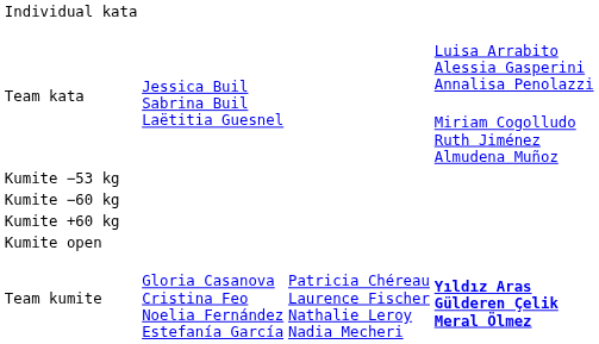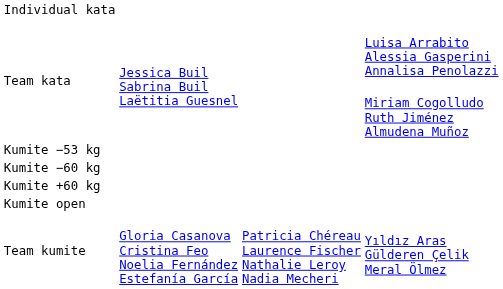 <table>
 <tr>
 <td rowspan=2>Individual kata</td>
 <td rowspan=2></td>
 <td rowspan=2></td>
 <td></td>
 </tr>
 <tr>
 <td></td>
 </tr>
 <tr>
 <td rowspan=2>Team kata</td>
 <td rowspan=2><br><a href='#'>Jessica Buil</a><br><a href='#'>Sabrina Buil</a><br><a href='#'>Laëtitia Guesnel</a></td>
 <td rowspan=2></td>
 <td><br><a href='#'>Luisa Arrabito</a><br><a href='#'>Alessia Gasperini</a><br><a href='#'>Annalisa Penolazzi</a></td>
 </tr>
 <tr>
 <td><br><a href='#'>Miriam Cogolludo</a><br><a href='#'>Ruth Jiménez</a><br><a href='#'>Almudena Muñoz</a></td>
 </tr>
 <tr>
 <td rowspan=2>Kumite −53 kg</td>
 <td rowspan=2></td>
 <td rowspan=2></td>
 <td></td>
 </tr>
 <tr>
 <td></td>
 </tr>
 <tr>
 <td rowspan=2>Kumite −60 kg</td>
 <td rowspan=2></td>
 <td rowspan=2></td>
 <td></td>
 </tr>
 <tr>
 <td></td>
 </tr>
 <tr>
 <td rowspan=2>Kumite +60 kg</td>
 <td rowspan=2></td>
 <td rowspan=2></td>
 <td></td>
 </tr>
 <tr>
 <td></td>
 </tr>
 <tr>
 <td rowspan=2>Kumite open</td>
 <td rowspan=2></td>
 <td rowspan=2></td>
 <td></td>
 </tr>
 <tr>
 <td></td>
 </tr>
 <tr>
 <td rowspan=2>Team kumite</td>
 <td rowspan=2><br><a href='#'>Gloria Casanova</a><br><a href='#'>Cristina Feo</a><br><a href='#'>Noelia Fernández</a><br><a href='#'>Estefanía García</a></td>
 <td rowspan=2><br><a href='#'>Patricia Chéreau</a><br><a href='#'>Laurence Fischer</a><br><a href='#'>Nathalie Leroy</a><br><a href='#'>Nadia Mecheri</a></td>
-<td><strong><br><a href='#'>Yıldız Aras</a><br><a href='#'>Gülderen Çelik</a><br><a href='#'>Meral Ölmez</a></strong></td>
+<td><br><a href='#'>Yıldız Aras</a><br><a href='#'>Gülderen Çelik</a><br><a href='#'>Meral Ölmez</a></td>
 </tr>
 <tr>
 <td></td>
 </tr>
 </table>
